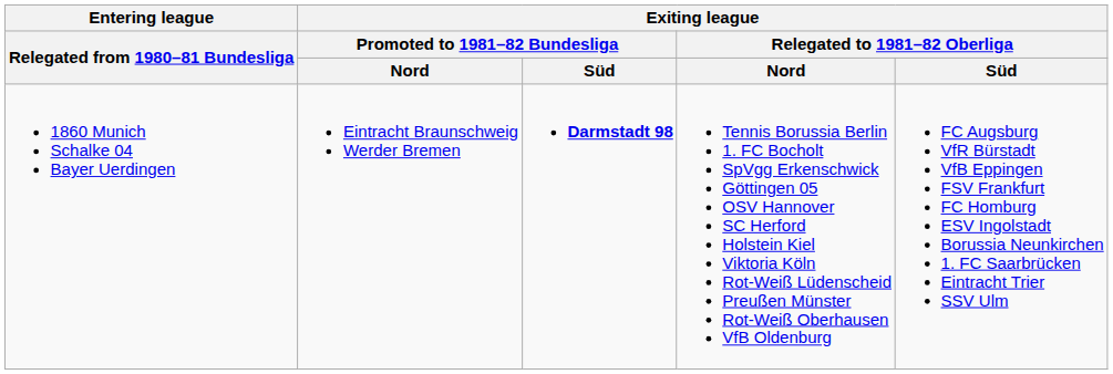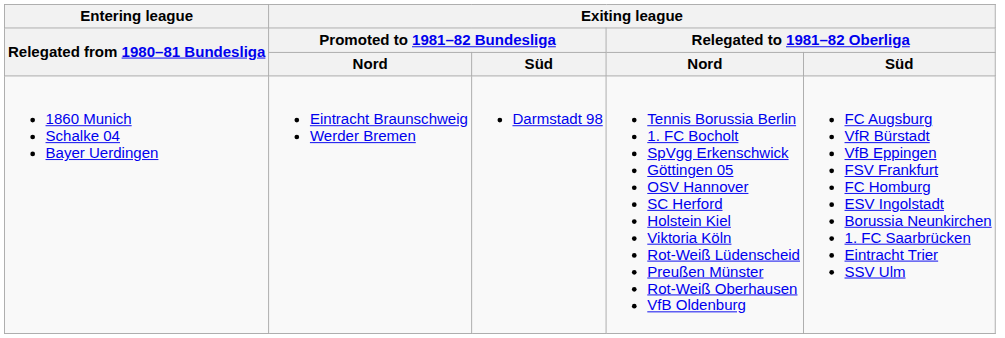 <table class="wikitable">
 <tr>
 <th>Entering league</th>
 <th colspan="4">Exiting league</th>
 </tr>
 <tr>
 <th rowspan="2">Relegated from <a href='#'>1980–81 Bundesliga</a></th>
 <th colspan="2">Promoted to <a href='#'>1981–82 Bundesliga</a></th>
 <th colspan="2">Relegated to <a href='#'>1981–82 Oberliga</a></th>
 </tr>
 <tr>
 <th>Nord</th>
 <th>Süd</th>
 <th>Nord</th>
 <th>Süd</th>
 </tr>
 <tr style="vertical-align:top;">
 <td><br><ul><li><a href='#'>1860 Munich</a></li><li><a href='#'>Schalke 04</a></li><li><a href='#'>Bayer Uerdingen</a></li></ul></td>
 <td><br><ul><li><a href='#'>Eintracht Braunschweig</a></li><li><a href='#'>Werder Bremen</a></li></ul></td>
-<td><strong><br><ul><li><a href='#'>Darmstadt 98</a></li></ul></strong></td>
+<td><br><ul><li><a href='#'>Darmstadt 98</a></li></ul></td>
 <td><br><ul><li><a href='#'>Tennis Borussia Berlin</a></li><li><a href='#'>1. FC Bocholt</a></li><li><a href='#'>SpVgg Erkenschwick</a></li><li><a href='#'>Göttingen 05</a></li><li><a href='#'>OSV Hannover</a></li><li><a href='#'>SC Herford</a></li><li><a href='#'>Holstein Kiel</a></li><li><a href='#'>Viktoria Köln</a></li><li><a href='#'>Rot-Weiß Lüdenscheid</a></li><li><a href='#'>Preußen Münster</a></li><li><a href='#'>Rot-Weiß Oberhausen</a></li><li><a href='#'>VfB Oldenburg</a></li></ul></td>
 <td><br><ul><li><a href='#'>FC Augsburg</a></li><li><a href='#'>VfR Bürstadt</a></li><li><a href='#'>VfB Eppingen</a></li><li><a href='#'>FSV Frankfurt</a></li><li><a href='#'>FC Homburg</a></li><li><a href='#'>ESV Ingolstadt</a></li><li><a href='#'>Borussia Neunkirchen</a></li><li><a href='#'>1. FC Saarbrücken</a></li><li><a href='#'>Eintracht Trier</a></li><li><a href='#'>SSV Ulm</a></li></ul></td>
 </tr>
 </table>
